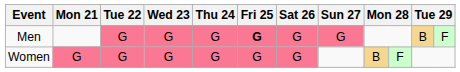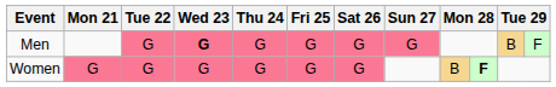 <table class="wikitable" style="margin:0.5em auto; font-size:90%; line-height:1.25em; text-align:center">
 <tr>
 <th>Event</th>
 <th>Mon 21</th>
 <th>Tue 22</th>
 <th>Wed 23</th>
 <th>Thu 24</th>
 <th>Fri 25</th>
 <th>Sat 26</th>
 <th>Sun 27</th>
 <th colspan="2">Mon 28</th>
 <th colspan="2">Tue 29</th>
 </tr>
 <tr>
 <td>Men</td>
 <td></td>
 <td bgcolor="#FA7894">G</td>
+<td bgcolor="#FA7894"><strong>G</strong></td>
 <td bgcolor="#FA7894">G</td>
 <td bgcolor="#FA7894">G</td>
-<td bgcolor="#FA7894"><strong>G</strong></td>
 <td bgcolor="#FA7894">G</td>
 <td bgcolor="#FA7894">G</td>
 <td colspan=2></td>
 <td bgcolor="#F6D792">B</td>
 <td bgcolor="#ccffcc">F</td>
 </tr>
 <tr>
 <td>Women</td>
 <td bgcolor="#FA7894">G</td>
 <td bgcolor="#FA7894">G</td>
 <td bgcolor="#FA7894">G</td>
 <td bgcolor="#FA7894">G</td>
 <td bgcolor="#FA7894">G</td>
 <td bgcolor="#FA7894">G</td>
 <td></td>
 <td bgcolor="#F6D792">B</td>
-<td bgcolor="#ccffcc">F</td>
+<td bgcolor="#ccffcc"><strong>F</strong></td>
 <td colspan=2></td>
 </tr>
 </table>
